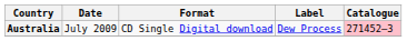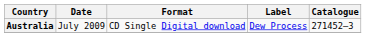 <table class="wikitable plainrowheaders">
 <tr>
 <th scope="col">Country</th>
 <th scope="col">Date</th>
 <th scope="col">Format</th>
 <th scope="col">Label</th>
 <th scope="col">Catalogue</th>
 </tr>
 <tr>
 <th scope="row">Australia</th>
 <td>July 2009</td>
 <td>CD Single <a href='#'>Digital download</a></td>
 <td><a href='#'>Dew Process</a></td>
-<td style="background: pink;">271452–3</td>
+<td>271452–3</td>
 </tr>
 <tr>
 </tr>
 </table>
